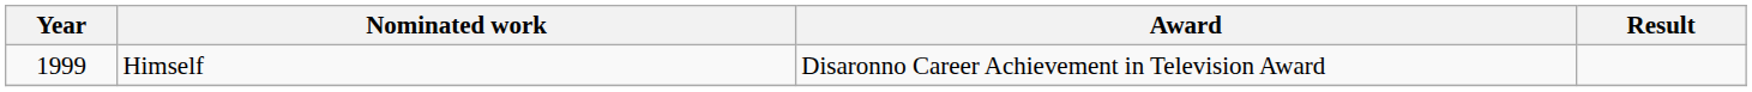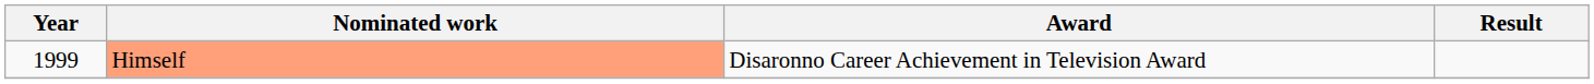 <table class="wikitable" style="width:70%;">
 <tr>
 <th style="width:3%;">Year</th>
 <th style="width:20%;">Nominated work</th>
 <th style="width:23%;">Award</th>
 <th style="width:5%;">Result</th>
 </tr>
 <tr>
 <td align="center">1999</td>
-<td>Himself</td>
+<td style="background: lightsalmon;">Himself</td>
 <td>Disaronno Career Achievement in Television Award</td>
 <td></td>
 </tr>
 <tr>
 </tr>
 </table>
